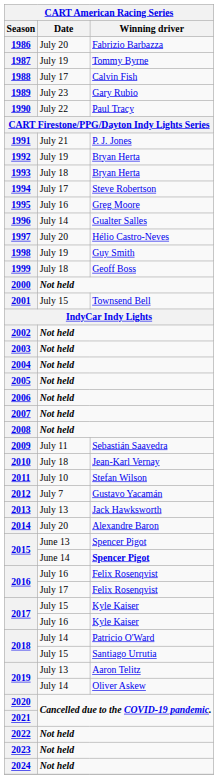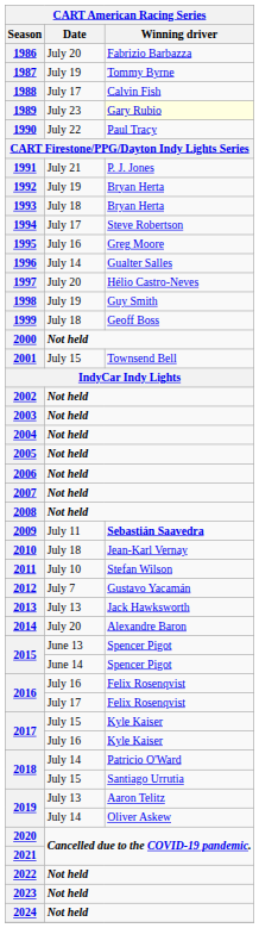 <table class="wikitable" style="font-size: 95%;">
 <tr>
 <th colspan=3><a href='#'>CART American Racing Series</a></th>
 </tr>
 <tr>
 <th>Season</th>
 <th>Date</th>
 <th>Winning driver</th>
 </tr>
 <tr>
 <th><a href='#'>1986</a></th>
 <td>July 20</td>
 <td> <a href='#'>Fabrizio Barbazza</a></td>
 </tr>
 <tr>
 <th><a href='#'>1987</a></th>
 <td>July 19</td>
 <td> <a href='#'>Tommy Byrne</a></td>
 </tr>
 <tr>
 <th><a href='#'>1988</a></th>
 <td>July 17</td>
 <td> <a href='#'>Calvin Fish</a></td>
 </tr>
 <tr>
 <th><a href='#'>1989</a></th>
 <td>July 23</td>
-<td> <a href='#'>Gary Rubio</a></td>
+<td style="background: lightyellow;"> <a href='#'>Gary Rubio</a></td>
 </tr>
 <tr>
 <th><a href='#'>1990</a></th>
 <td>July 22</td>
 <td> <a href='#'>Paul Tracy</a></td>
 </tr>
 <tr>
 <th colspan=3><a href='#'>CART Firestone/PPG/Dayton Indy Lights Series</a></th>
 </tr>
 <tr>
 <th><a href='#'>1991</a></th>
 <td>July 21</td>
 <td> <a href='#'>P. J. Jones</a></td>
 </tr>
 <tr>
 <th><a href='#'>1992</a></th>
 <td>July 19</td>
 <td> <a href='#'>Bryan Herta</a></td>
 </tr>
 <tr>
 <th><a href='#'>1993</a></th>
 <td>July 18</td>
 <td> <a href='#'>Bryan Herta</a></td>
 </tr>
 <tr>
 <th><a href='#'>1994</a></th>
 <td>July 17</td>
 <td> <a href='#'>Steve Robertson</a></td>
 </tr>
 <tr>
 <th><a href='#'>1995</a></th>
 <td>July 16</td>
 <td> <a href='#'>Greg Moore</a></td>
 </tr>
 <tr>
 <th><a href='#'>1996</a></th>
 <td>July 14</td>
 <td> <a href='#'>Gualter Salles</a></td>
 </tr>
 <tr>
 <th><a href='#'>1997</a></th>
 <td>July 20</td>
 <td> <a href='#'>Hélio Castro-Neves</a></td>
 </tr>
 <tr>
 <th><a href='#'>1998</a></th>
 <td>July 19</td>
 <td> <a href='#'>Guy Smith</a></td>
 </tr>
 <tr>
 <th><a href='#'>1999</a></th>
 <td>July 18</td>
 <td> <a href='#'>Geoff Boss</a></td>
 </tr>
 <tr>
 <th><a href='#'>2000</a></th>
 <td colspan="2"><strong><em>Not held</em></strong></td>
 </tr>
 <tr>
 <th><a href='#'>2001</a></th>
 <td>July 15</td>
 <td> <a href='#'>Townsend Bell</a></td>
 </tr>
 <tr>
 <th colspan=3><a href='#'>IndyCar Indy Lights</a></th>
 </tr>
 <tr>
 <th><a href='#'>2002</a></th>
 <td colspan="2"><strong><em>Not held</em></strong></td>
 </tr>
 <tr>
 <th><a href='#'>2003</a></th>
 <td colspan="2"><strong><em>Not held</em></strong></td>
 </tr>
 <tr>
 <th><a href='#'>2004</a></th>
 <td colspan="2"><strong><em>Not held</em></strong></td>
 </tr>
 <tr>
 <th><a href='#'>2005</a></th>
 <td colspan="2"><strong><em>Not held</em></strong></td>
 </tr>
 <tr>
 <th><a href='#'>2006</a></th>
 <td colspan="2"><strong><em>Not held</em></strong></td>
 </tr>
 <tr>
 <th><a href='#'>2007</a></th>
 <td colspan="2"><strong><em>Not held</em></strong></td>
 </tr>
 <tr>
 <th><a href='#'>2008</a></th>
 <td colspan="2"><strong><em>Not held</em></strong></td>
 </tr>
 <tr>
 <th><a href='#'>2009</a></th>
 <td>July 11</td>
-<td> <a href='#'>Sebastián Saavedra</a></td>
+<td><strong> <a href='#'>Sebastián Saavedra</a></strong></td>
 </tr>
 <tr>
 <th><a href='#'>2010</a></th>
 <td>July 18</td>
 <td> <a href='#'>Jean-Karl Vernay</a></td>
 </tr>
 <tr>
 <th><a href='#'>2011</a></th>
 <td>July 10</td>
 <td> <a href='#'>Stefan Wilson</a></td>
 </tr>
 <tr>
 <th><a href='#'>2012</a></th>
 <td>July 7</td>
 <td> <a href='#'>Gustavo Yacamán</a></td>
 </tr>
 <tr>
 <th><a href='#'>2013</a></th>
 <td>July 13</td>
 <td> <a href='#'>Jack Hawksworth</a></td>
 </tr>
 <tr>
 <th><a href='#'>2014</a></th>
 <td>July 20</td>
 <td> <a href='#'>Alexandre Baron</a></td>
 </tr>
 <tr>
 <th rowspan="2"><a href='#'>2015</a></th>
 <td>June 13</td>
 <td> <a href='#'>Spencer Pigot</a></td>
 </tr>
 <tr>
 <td>June 14</td>
-<td><strong> <a href='#'>Spencer Pigot</a></strong></td>
+<td> <a href='#'>Spencer Pigot</a></td>
 </tr>
 <tr>
 <th rowspan="2"><a href='#'>2016</a></th>
 <td>July 16</td>
 <td> <a href='#'>Felix Rosenqvist</a></td>
 </tr>
 <tr>
 <td>July 17</td>
 <td> <a href='#'>Felix Rosenqvist</a></td>
 </tr>
 <tr>
 <th rowspan="2"><a href='#'>2017</a></th>
 <td>July 15</td>
 <td> <a href='#'>Kyle Kaiser</a></td>
 </tr>
 <tr>
 <td>July 16</td>
 <td> <a href='#'>Kyle Kaiser</a></td>
 </tr>
 <tr>
 <th rowspan="2"><a href='#'>2018</a></th>
 <td>July 14</td>
 <td> <a href='#'>Patricio O'Ward</a></td>
 </tr>
 <tr>
 <td>July 15</td>
 <td> <a href='#'>Santiago Urrutia</a></td>
 </tr>
 <tr>
 <th rowspan="2"><a href='#'>2019</a></th>
 <td>July 13</td>
 <td> <a href='#'>Aaron Telitz</a></td>
 </tr>
 <tr>
 <td>July 14</td>
 <td> <a href='#'>Oliver Askew</a></td>
 </tr>
 <tr>
 <th><a href='#'>2020</a></th>
 <td rowspan=2 colspan="2"><strong><em>Cancelled due to the <a href='#'>COVID-19 pandemic</a>.</em></strong></td>
 </tr>
 <tr>
 <th><a href='#'>2021</a></th>
 </tr>
 <tr>
 <th><a href='#'>2022</a></th>
 <td colspan="2"><strong><em>Not held</em></strong></td>
 </tr>
 <tr>
 <th><a href='#'>2023</a></th>
 <td colspan="2"><strong><em>Not held</em></strong></td>
 </tr>
 <tr>
 <th><a href='#'>2024</a></th>
 <td colspan="2"><strong><em>Not held</em></strong></td>
 </tr>
 <tr>
 </tr>
 </table>
